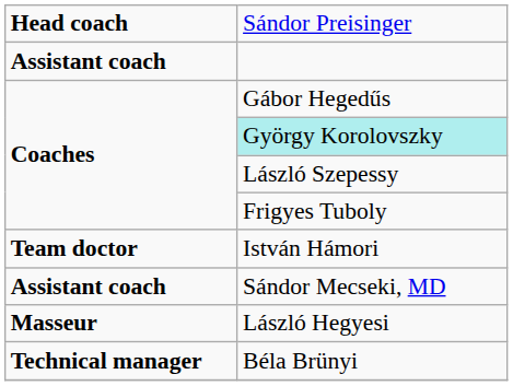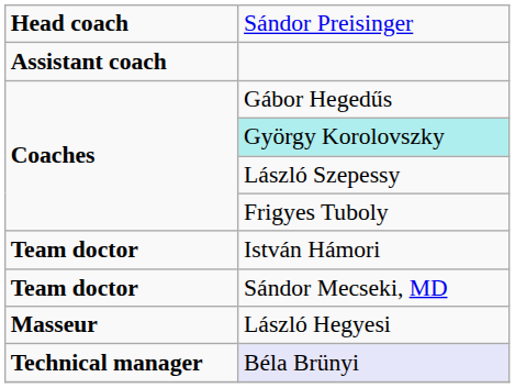 <table class="wikitable">
 <tr>
 <td width=150><strong>Head coach</strong></td>
 <td width=175> <a href='#'>Sándor Preisinger</a></td>
 </tr>
 <tr valign=top>
 <td><strong>Assistant coach</strong></td>
 <td></td>
 </tr>
 <tr>
 <td rowspan=4><strong>Coaches</strong></td>
 <td> Gábor Hegedűs</td>
 </tr>
 <tr>
 <td style="background: paleturquoise;"> György Korolovszky</td>
 </tr>
 <tr>
 <td> László Szepessy</td>
 </tr>
 <tr>
 <td> Frigyes Tuboly</td>
 </tr>
 <tr>
 <td><strong>Team doctor</strong></td>
 <td> István Hámori</td>
 </tr>
 <tr>
-<td><strong>Assistant coach</strong></td>
+<td><strong>Team doctor</strong></td>
 <td> Sándor Mecseki, <a href='#'>MD</a></td>
 </tr>
 <tr>
 <td><strong>Masseur</strong></td>
 <td> László Hegyesi</td>
 </tr>
 <tr>
 <td><strong>Technical manager</strong></td>
-<td> Béla Brünyi</td>
+<td style="background: lavender;"> Béla Brünyi</td>
 </tr>
 <tr>
 </tr>
 </table>
